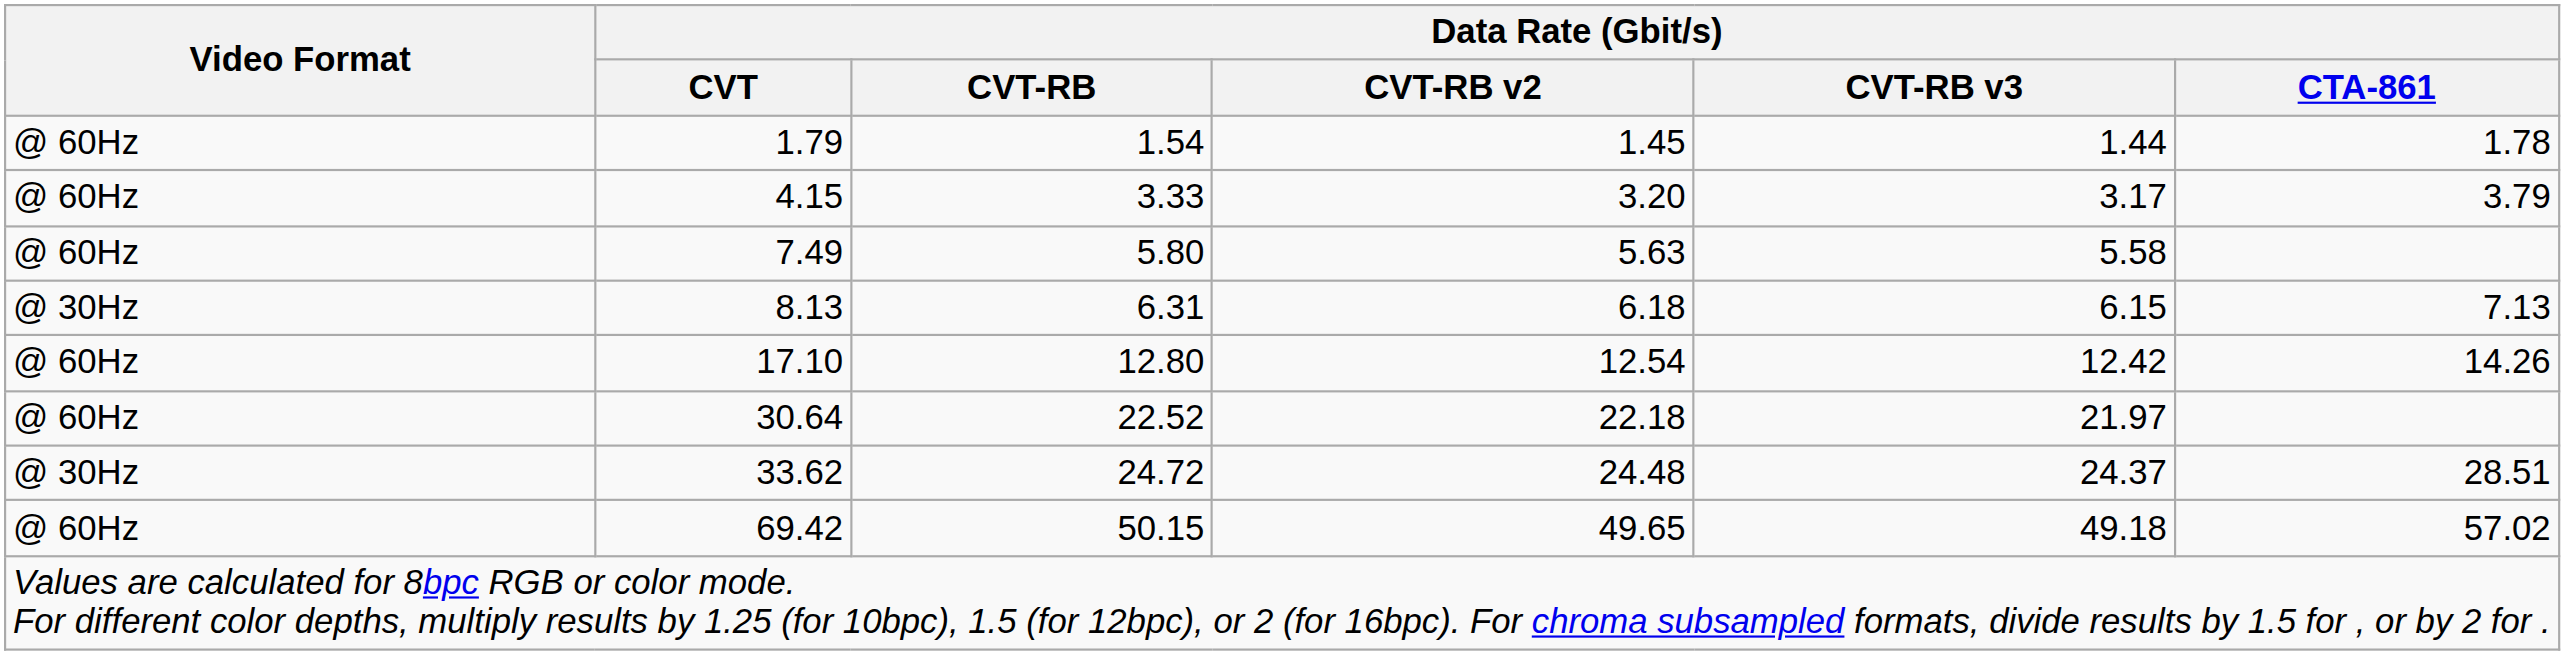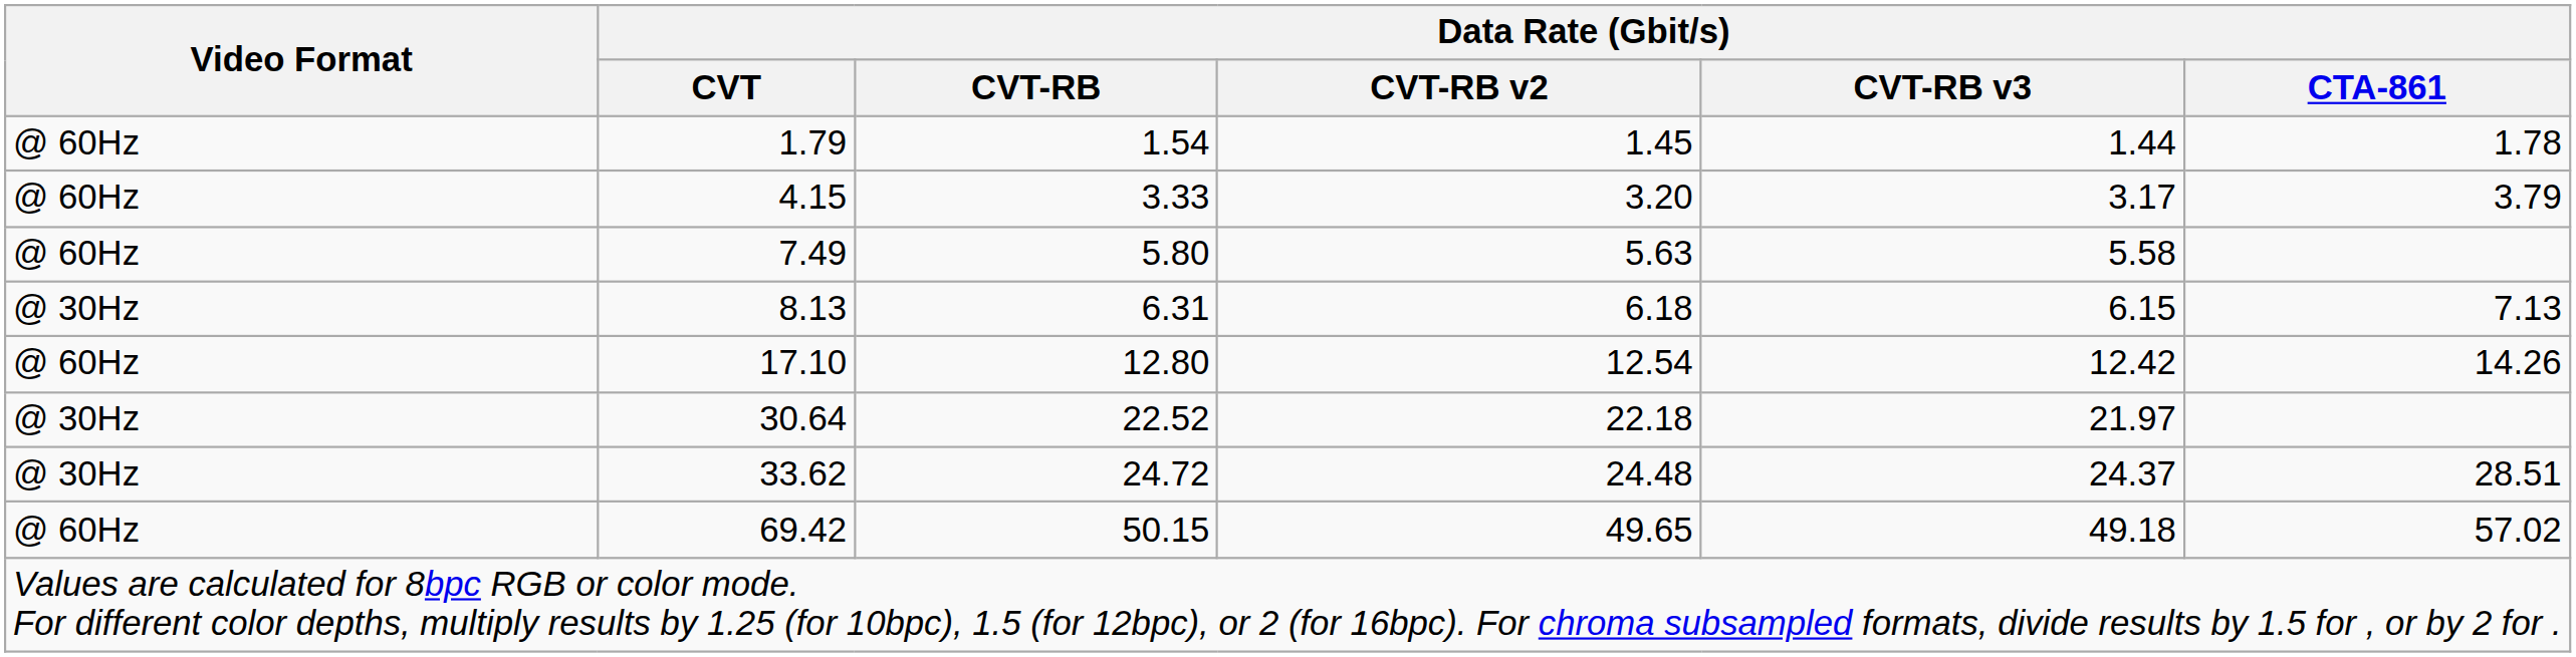 <table class="wikitable">
 <tr>
 <th rowspan=2>Video Format</th>
 <th colspan="5">Data Rate (Gbit/s)</th>
 </tr>
 <tr>
 <th>CVT</th>
 <th class="nowrap">CVT-RB</th>
 <th class="nowrap">CVT-RB v2</th>
 <th class="nowrap">CVT-RB v3</th>
 <th class="nowrap"><a href='#'>CTA-861</a> </th>
 </tr>
 <tr>
 <td class="nowrap"> @ 60Hz</td>
 <td align="right">1.79</td>
 <td align="right">1.54</td>
 <td align="right">1.45</td>
 <td align="right">1.44</td>
 <td align="right">1.78</td>
 </tr>
 <tr>
 <td class="nowrap"> @ 60Hz</td>
 <td align="right">4.15</td>
 <td align="right">3.33</td>
 <td align="right">3.20</td>
 <td align="right">3.17</td>
 <td align="right">3.79</td>
 </tr>
 <tr>
 <td class="nowrap"> @ 60Hz</td>
 <td align="right">7.49</td>
 <td align="right">5.80</td>
 <td align="right">5.63</td>
 <td align="right">5.58</td>
 <td></td>
 </tr>
 <tr>
 <td class="nowrap"> @ 30Hz</td>
 <td align="right">8.13</td>
 <td align="right">6.31</td>
 <td align="right">6.18</td>
 <td align="right">6.15</td>
 <td align="right">7.13</td>
 </tr>
 <tr>
 <td class="nowrap"> @ 60Hz</td>
 <td align="right">17.10</td>
 <td align="right">12.80</td>
 <td align="right">12.54</td>
 <td align="right">12.42</td>
 <td align="right">14.26</td>
 </tr>
 <tr>
-<td class="nowrap"> @ 60Hz</td>
+<td class="nowrap"> @ 30Hz</td>
 <td align="right">30.64</td>
 <td align="right">22.52</td>
 <td align="right">22.18</td>
 <td align="right">21.97</td>
 <td></td>
 </tr>
 <tr>
 <td class="nowrap"> @ 30Hz</td>
 <td align="right">33.62</td>
 <td align="right">24.72</td>
 <td align="right">24.48</td>
 <td align="right">24.37</td>
 <td align="right">28.51</td>
 </tr>
 <tr>
 <td class="nowrap"> @ 60Hz</td>
 <td align="right">69.42</td>
 <td align="right">50.15</td>
 <td align="right">49.65</td>
 <td align="right">49.18</td>
 <td align="right">57.02</td>
 </tr>
 <tr>
 <td colspan=6><em>Values are calculated for 8<a href='#'>bpc</a> RGB or   color mode.<br>For different color depths, multiply results by 1.25 (for 10bpc), 1.5 (for 12bpc), or 2 (for 16bpc). For <a href='#'>chroma subsampled</a> formats, divide results by 1.5 for  , or by 2 for  .</em></td>
 </tr>
 </table>
